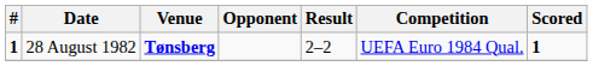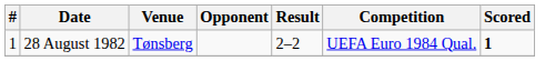 <table class="wikitable">
 <tr>
 <th>#</th>
 <th>Date</th>
 <th>Venue</th>
 <th>Opponent</th>
 <th>Result</th>
 <th>Competition</th>
 <th>Scored</th>
 </tr>
 <tr>
-<td><strong>1</strong></td>
+<td>1</td>
 <td>28 August 1982</td>
-<td><strong><a href='#'>Tønsberg</a></strong></td>
+<td><a href='#'>Tønsberg</a></td>
 <td></td>
 <td>2–2</td>
 <td><a href='#'>UEFA Euro 1984 Qual.</a></td>
 <td><strong>1</strong></td>
 </tr>
 <tr>
 </tr>
 </table>
